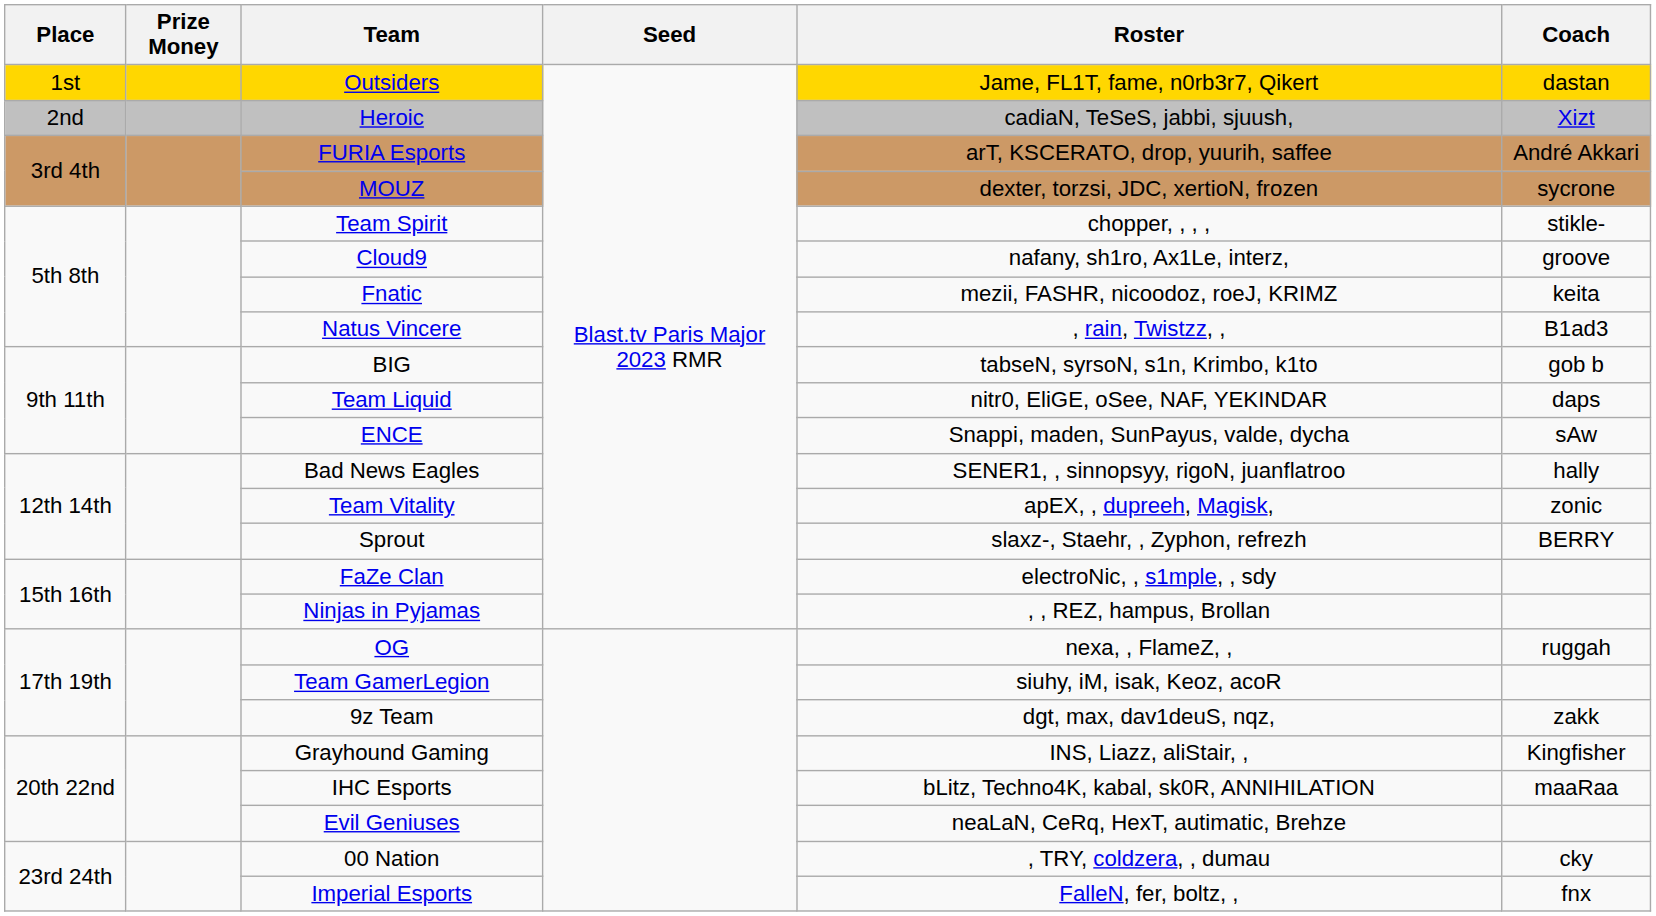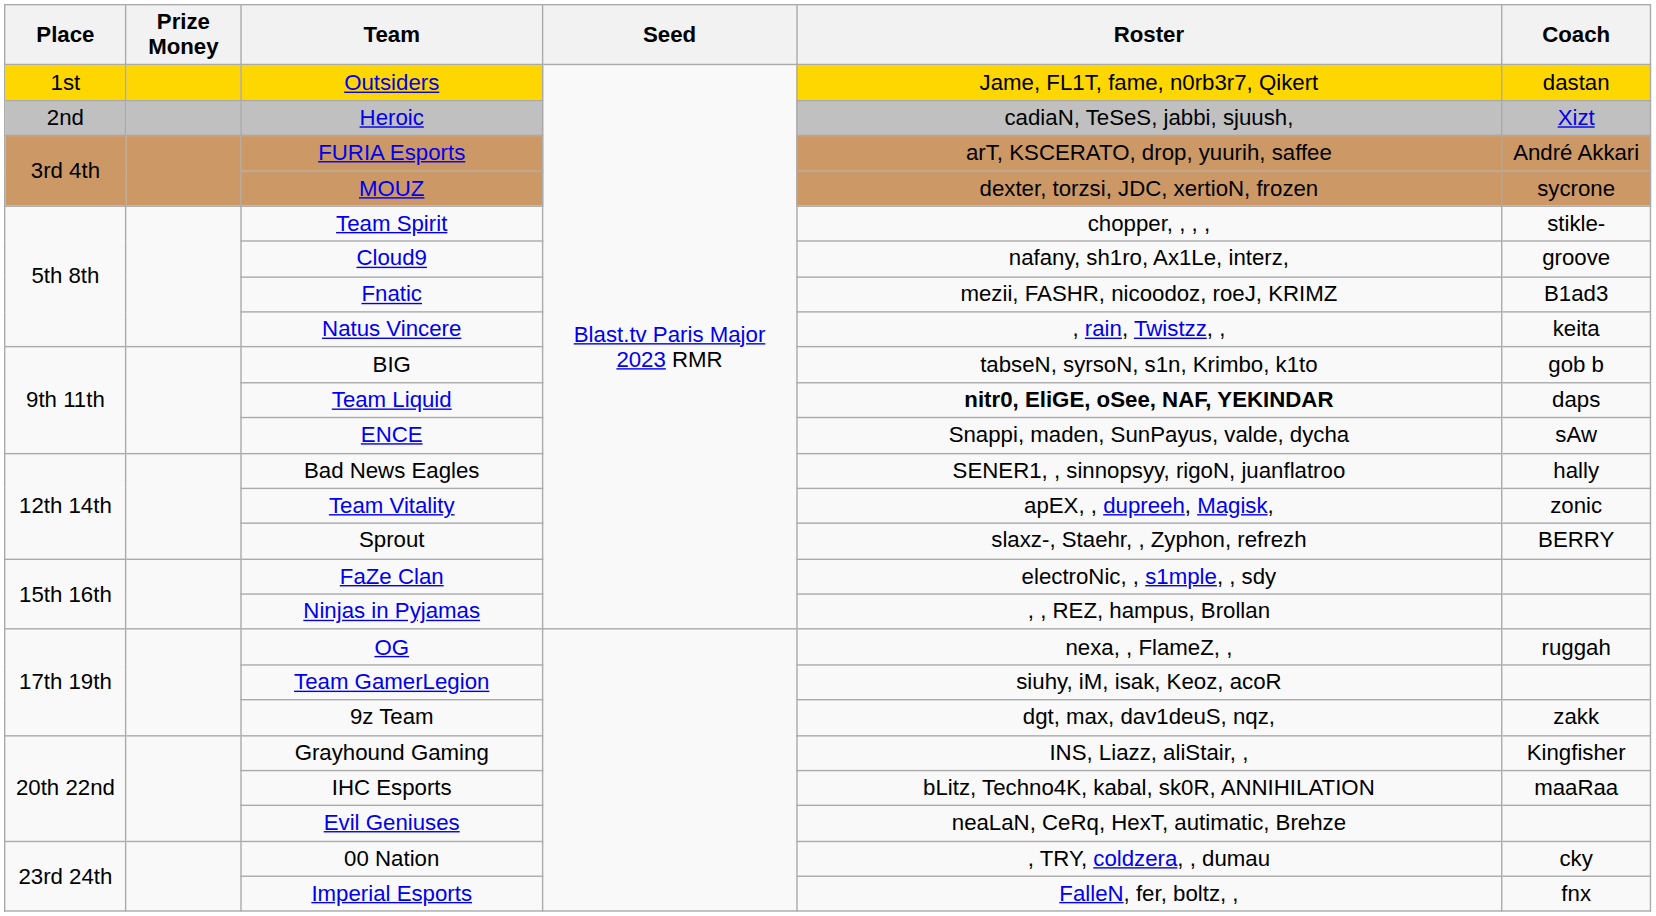 <table class="wikitable" style="text-align:center">
 <tr>
 <th width="80px">Place</th>
 <th width="75px">Prize Money</th>
 <th width="210">Team</th>
 <th width="175px">Seed</th>
 <th width="500px">Roster</th>
 <th width="100">Coach</th>
 </tr>
 <tr>
 <td style="text-align:center; background:gold;">1st</td>
 <td style="text-align:center; background:gold;"></td>
 <td style="text-align:center; background:gold;"><a href='#'>Outsiders</a></td>
 <td rowspan="16"><a href='#'>Blast.tv Paris Major 2023</a> RMR</td>
 <td style="text-align:center; background:gold;">Jame, FL1T, fame, n0rb3r7, Qikert</td>
 <td style="text-align:center; background:gold;">dastan</td>
 </tr>
 <tr>
 <td style="text-align:center; background:silver;">2nd</td>
 <td style="text-align:center; background:silver;"></td>
 <td style="text-align:center; background:silver;"><a href='#'>Heroic</a></td>
 <td style="text-align:center; background:silver;">cadiaN, TeSeS, jabbi, sjuush, </td>
 <td style="text-align:center; background:silver;"><a href='#'>Xizt</a></td>
 </tr>
 <tr>
 <td style="text-align:center; background:#c96;" rowspan="2">3rd  4th</td>
 <td style="text-align:center; background:#c96;" rowspan="2"></td>
 <td style="text-align:center; background:#c96;"><a href='#'>FURIA Esports</a></td>
 <td style="text-align:center; background:#c96;">arT, KSCERATO, drop, yuurih, saffee</td>
 <td style="text-align:center; background:#c96;">André Akkari</td>
 </tr>
 <tr>
 <td style="text-align:center; background:#c96;"><a href='#'>MOUZ</a></td>
 <td style="text-align:center; background:#c96;">dexter, torzsi, JDC, xertioN, frozen</td>
 <td style="text-align:center; background:#c96;">sycrone</td>
 </tr>
 <tr>
 <td rowspan="4">5th  8th</td>
 <td rowspan="4"></td>
 <td><a href='#'>Team Spirit</a></td>
 <td>chopper, , , , </td>
 <td>stikle-</td>
 </tr>
 <tr>
 <td><a href='#'>Cloud9</a></td>
 <td>nafany, sh1ro, Ax1Le, interz, </td>
 <td>groove</td>
 </tr>
 <tr>
 <td><a href='#'>Fnatic</a></td>
 <td>mezii, FASHR, nicoodoz, roeJ, KRIMZ</td>
-<td>keita</td>
+<td>B1ad3</td>
 </tr>
 <tr>
 <td><a href='#'>Natus Vincere</a></td>
 <td>, <a href='#'>rain</a>, <a href='#'>Twistzz</a>, , </td>
-<td>B1ad3</td>
+<td>keita</td>
 </tr>
 <tr>
 <td rowspan="3">9th  11th</td>
 <td rowspan="3"></td>
 <td>BIG</td>
 <td>tabseN, syrsoN, s1n, Krimbo, k1to</td>
 <td>gob b</td>
 </tr>
 <tr>
 <td><a href='#'>Team Liquid</a></td>
-<td>nitr0, EliGE, oSee, NAF, YEKINDAR</td>
+<td><strong>nitr0, EliGE, oSee, NAF, YEKINDAR</strong></td>
 <td>daps</td>
 </tr>
 <tr>
 <td><a href='#'>ENCE</a></td>
 <td>Snappi, maden, SunPayus, valde, dycha</td>
 <td>sAw</td>
 </tr>
 <tr>
 <td rowspan="3">12th  14th</td>
 <td rowspan="3"></td>
 <td>Bad News Eagles</td>
 <td>SENER1, , sinnopsyy, rigoN, juanflatroo</td>
 <td>hally</td>
 </tr>
 <tr>
 <td><a href='#'>Team Vitality</a></td>
 <td>apEX, , <a href='#'>dupreeh</a>, <a href='#'>Magisk</a>, </td>
 <td>zonic</td>
 </tr>
 <tr>
 <td>Sprout</td>
 <td>slaxz-, Staehr, , Zyphon, refrezh</td>
 <td>BERRY</td>
 </tr>
 <tr>
 <td rowspan="2">15th  16th</td>
 <td rowspan="2"></td>
 <td><a href='#'>FaZe Clan</a></td>
 <td>electroNic, , <a href='#'>s1mple</a>, , sdy</td>
 <td></td>
 </tr>
 <tr>
 <td><a href='#'>Ninjas in Pyjamas</a></td>
 <td>, , REZ, hampus, Brollan</td>
 <td></td>
 </tr>
 <tr>
 <td rowspan="3">17th  19th</td>
 <td rowspan="3"></td>
 <td><a href='#'>OG</a></td>
 <td rowspan="8"></td>
 <td>nexa, , FlameZ, , </td>
 <td>ruggah</td>
 </tr>
 <tr>
 <td><a href='#'>Team GamerLegion</a></td>
 <td>siuhy, iM, isak, Keoz, acoR</td>
 <td></td>
 </tr>
 <tr>
 <td>9z Team</td>
 <td>dgt, max, dav1deuS, nqz, </td>
 <td>zakk</td>
 </tr>
 <tr>
 <td rowspan="3">20th  22nd</td>
 <td rowspan="3"></td>
 <td>Grayhound Gaming</td>
 <td>INS, Liazz, aliStair, , </td>
 <td>Kingfisher</td>
 </tr>
 <tr>
 <td>IHC Esports</td>
 <td>bLitz, Techno4K, kabal, sk0R, ANNIHILATION</td>
 <td>maaRaa</td>
 </tr>
 <tr>
 <td><a href='#'>Evil Geniuses</a></td>
 <td>neaLaN, CeRq, HexT, autimatic, Brehze</td>
 <td></td>
 </tr>
 <tr>
 <td rowspan="2">23rd  24th</td>
 <td rowspan="2"></td>
 <td>00 Nation</td>
 <td>, TRY, <a href='#'>coldzera</a>, , dumau</td>
 <td>cky</td>
 </tr>
 <tr>
 <td><a href='#'>Imperial Esports</a></td>
 <td><a href='#'>FalleN</a>, fer, boltz, , </td>
 <td>fnx</td>
 </tr>
 </table>
